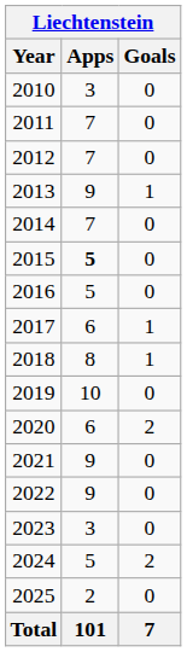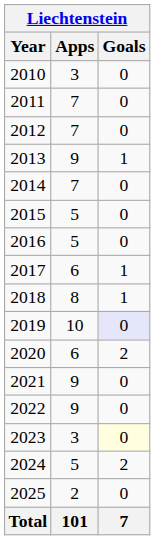 <table class="wikitable" style="text-align:center">
 <tr>
 <th colspan=3><a href='#'>Liechtenstein</a></th>
 </tr>
 <tr>
 <th>Year</th>
 <th>Apps</th>
 <th>Goals</th>
 </tr>
 <tr>
 <td>2010</td>
 <td>3</td>
 <td>0</td>
 </tr>
 <tr>
 <td>2011</td>
 <td>7</td>
 <td>0</td>
 </tr>
 <tr>
 <td>2012</td>
 <td>7</td>
 <td>0</td>
 </tr>
 <tr>
 <td>2013</td>
 <td>9</td>
 <td>1</td>
 </tr>
 <tr>
 <td>2014</td>
 <td>7</td>
 <td>0</td>
 </tr>
 <tr>
 <td>2015</td>
-<td><strong>5</strong></td>
+<td>5</td>
 <td>0</td>
 </tr>
 <tr>
 <td>2016</td>
 <td>5</td>
 <td>0</td>
 </tr>
 <tr>
 <td>2017</td>
 <td>6</td>
 <td>1</td>
 </tr>
 <tr>
 <td>2018</td>
 <td>8</td>
 <td>1</td>
 </tr>
 <tr>
 <td>2019</td>
 <td>10</td>
-<td>0</td>
+<td style="background: lavender;">0</td>
 </tr>
 <tr>
 <td>2020</td>
 <td>6</td>
 <td>2</td>
 </tr>
 <tr>
 <td>2021</td>
 <td>9</td>
 <td>0</td>
 </tr>
 <tr>
 <td>2022</td>
 <td>9</td>
 <td>0</td>
 </tr>
 <tr>
 <td>2023</td>
 <td>3</td>
-<td>0</td>
+<td style="background: lightyellow;">0</td>
 </tr>
 <tr>
 <td>2024</td>
 <td>5</td>
 <td>2</td>
 </tr>
 <tr>
 <td>2025</td>
 <td>2</td>
 <td>0</td>
 </tr>
 <tr>
 <th>Total</th>
 <th>101</th>
 <th>7</th>
 </tr>
 </table>
